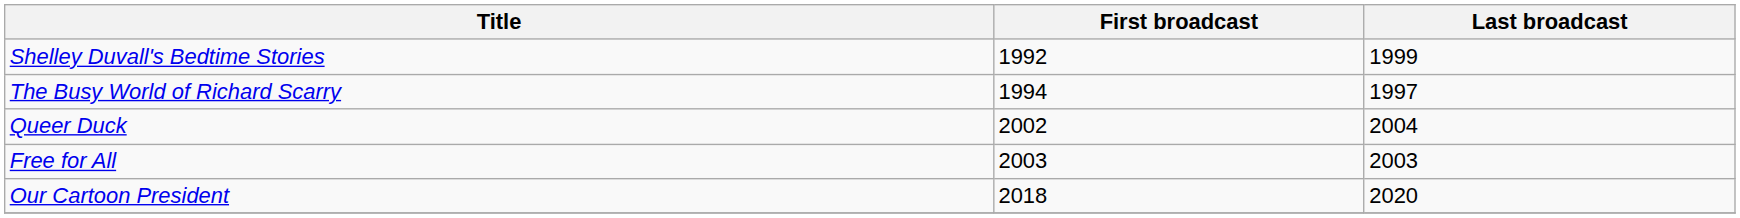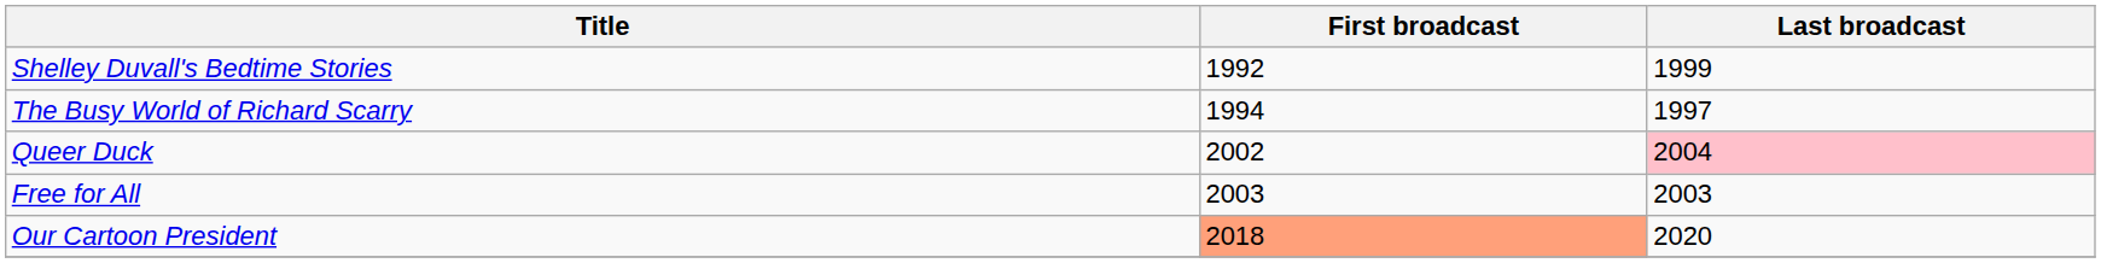 <table class="wikitable sortable" style="width:100%;">
 <tr>
 <th style="width:40%;">Title</th>
 <th style="width:15%;">First broadcast</th>
 <th style="width:15%;">Last broadcast</th>
 </tr>
 <tr>
 <td><em><a href='#'>Shelley Duvall's Bedtime Stories</a></em></td>
 <td>1992</td>
 <td>1999</td>
 </tr>
 <tr>
 <td><em><a href='#'>The Busy World of Richard Scarry</a></em></td>
 <td>1994</td>
 <td>1997</td>
 </tr>
 <tr>
 <td><em><a href='#'>Queer Duck</a></em></td>
 <td>2002</td>
-<td>2004</td>
+<td style="background: pink;">2004</td>
 </tr>
 <tr>
 <td><em><a href='#'>Free for All</a></em></td>
 <td>2003</td>
 <td>2003</td>
 </tr>
 <tr>
 <td><em><a href='#'>Our Cartoon President</a></em></td>
-<td>2018</td>
+<td style="background: lightsalmon;">2018</td>
 <td>2020</td>
 </tr>
 <tr>
 </tr>
 </table>
